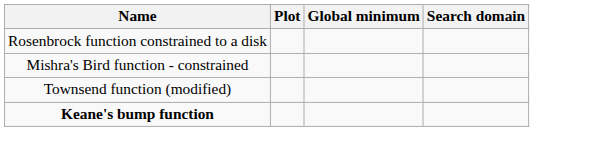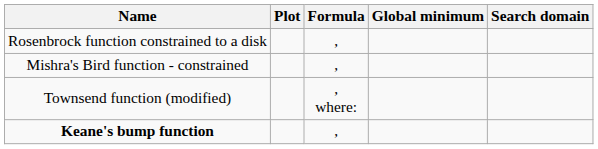 <table class="wikitable" style="text-align:center">
 <tr>
 <th>Name</th>
 <th>Plot</th>
+<th>Formula</th>
 <th>Global minimum</th>
 <th>Search domain</th>
 </tr>
 <tr>
 <td>Rosenbrock function constrained to a disk</td>
 <td></td>
+<td>,<br></td>
 <td></td>
 <td></td>
 </tr>
 <tr>
 <td>Mishra's Bird function - constrained</td>
 <td></td>
+<td>,<br></td>
 <td></td>
 <td></td>
 </tr>
 <tr>
 <td>Townsend function (modified)</td>
 <td></td>
+<td>,<br> where: </td>
 <td></td>
 <td></td>
 </tr>
 <tr>
 <td><strong>Keane's bump function</strong></td>
 <td></td>
+<td>,<br></td>
 <td></td>
 <td></td>
 </tr>
 </table>
